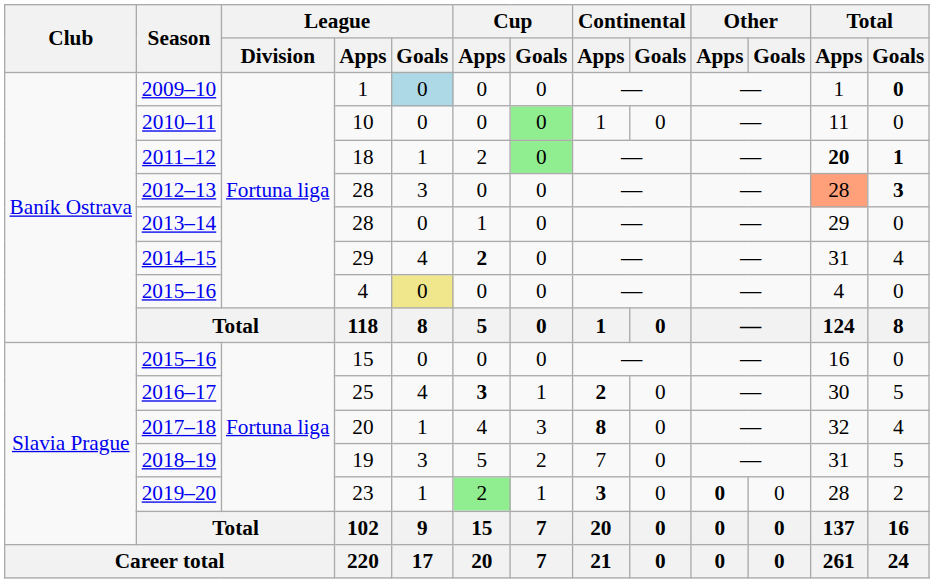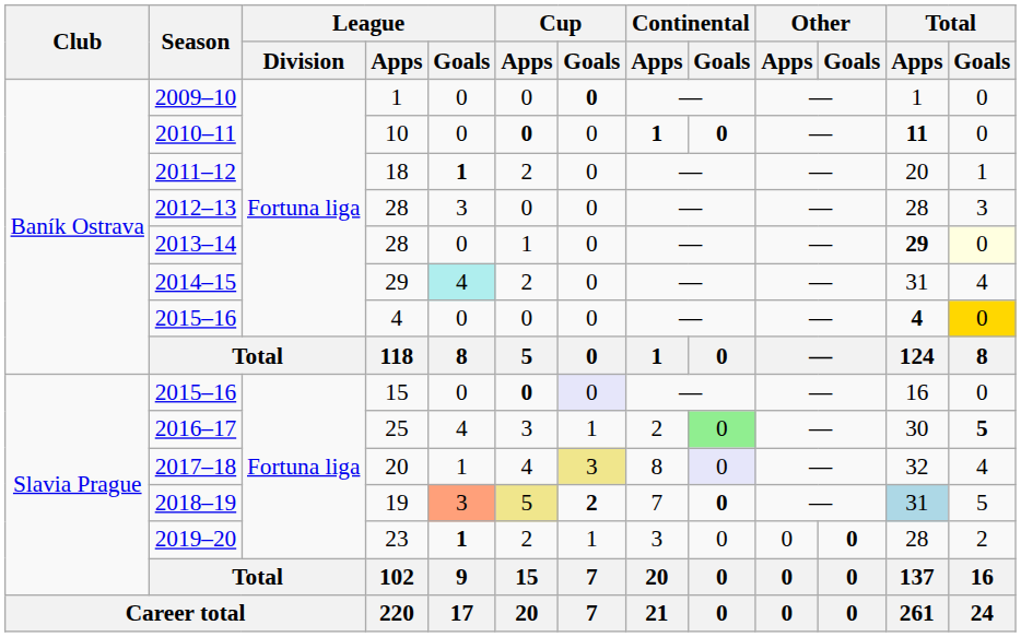 <table class="wikitable" style="text-align:center">
 <tr>
 <th rowspan=2>Club</th>
 <th rowspan=2>Season</th>
 <th colspan=3>League</th>
 <th colspan=2>Cup</th>
 <th colspan=2>Continental</th>
 <th colspan=2>Other</th>
 <th colspan=2>Total</th>
 </tr>
 <tr>
 <th>Division</th>
 <th>Apps</th>
 <th>Goals</th>
 <th>Apps</th>
 <th>Goals</th>
 <th>Apps</th>
 <th>Goals</th>
 <th>Apps</th>
 <th>Goals</th>
 <th>Apps</th>
 <th>Goals</th>
 </tr>
 <tr>
 <td rowspan="8"><a href='#'>Baník Ostrava</a></td>
 <td><a href='#'>2009–10</a></td>
 <td rowspan="7"><a href='#'>Fortuna liga</a></td>
 <td>1</td>
-<td style="background: lightblue;">0</td>
 <td>0</td>
 <td>0</td>
+<td><strong>0</strong></td>
 <td colspan="2">—</td>
 <td colspan="2">—</td>
 <td>1</td>
-<td><strong>0</strong></td>
+<td>0</td>
 </tr>
 <tr>
 <td><a href='#'>2010–11</a></td>
 <td>10</td>
 <td>0</td>
+<td><strong>0</strong></td>
 <td>0</td>
-<td style="background: lightgreen;">0</td>
-<td>1</td>
-<td>0</td>
+<td><strong>1</strong></td>
+<td><strong>0</strong></td>
 <td colspan="2">—</td>
-<td>11</td>
+<td><strong>11</strong></td>
 <td>0</td>
 </tr>
 <tr>
 <td><a href='#'>2011–12</a></td>
 <td>18</td>
-<td>1</td>
+<td><strong>1</strong></td>
 <td>2</td>
-<td style="background: lightgreen;">0</td>
+<td>0</td>
 <td colspan="2">—</td>
 <td colspan="2">—</td>
-<td><strong>20</strong></td>
-<td><strong>1</strong></td>
+<td>20</td>
+<td>1</td>
 </tr>
 <tr>
 <td><a href='#'>2012–13</a></td>
 <td>28</td>
 <td>3</td>
 <td>0</td>
 <td>0</td>
 <td colspan="2">—</td>
 <td colspan="2">—</td>
-<td style="background: lightsalmon;">28</td>
-<td><strong>3</strong></td>
+<td>28</td>
+<td>3</td>
 </tr>
 <tr>
 <td><a href='#'>2013–14</a></td>
 <td>28</td>
 <td>0</td>
 <td>1</td>
 <td>0</td>
 <td colspan="2">—</td>
 <td colspan="2">—</td>
-<td>29</td>
-<td>0</td>
+<td><strong>29</strong></td>
+<td style="background: lightyellow;">0</td>
 </tr>
 <tr>
 <td><a href='#'>2014–15</a></td>
 <td>29</td>
-<td>4</td>
-<td><strong>2</strong></td>
+<td style="background: paleturquoise;">4</td>
+<td>2</td>
 <td>0</td>
 <td colspan="2">—</td>
 <td colspan="2">—</td>
 <td>31</td>
 <td>4</td>
 </tr>
 <tr>
 <td><a href='#'>2015–16</a></td>
 <td>4</td>
-<td style="background: khaki;">0</td>
+<td>0</td>
 <td>0</td>
 <td>0</td>
 <td colspan="2">—</td>
 <td colspan="2">—</td>
-<td>4</td>
-<td>0</td>
+<td><strong>4</strong></td>
+<td style="background: gold;">0</td>
 </tr>
 <tr>
 <th colspan="2">Total</th>
 <th>118</th>
 <th>8</th>
 <th>5</th>
 <th>0</th>
 <th>1</th>
 <th>0</th>
 <th colspan="2">—</th>
 <th>124</th>
 <th>8</th>
 </tr>
 <tr>
 <td rowspan="6"><a href='#'>Slavia Prague</a></td>
 <td><a href='#'>2015–16</a></td>
 <td rowspan="5"><a href='#'>Fortuna liga</a></td>
 <td>15</td>
 <td>0</td>
-<td>0</td>
-<td>0</td>
+<td><strong>0</strong></td>
+<td style="background: lavender;">0</td>
 <td colspan="2">—</td>
 <td colspan="2">—</td>
 <td>16</td>
 <td>0</td>
 </tr>
 <tr>
 <td><a href='#'>2016–17</a></td>
 <td>25</td>
 <td>4</td>
-<td><strong>3</strong></td>
+<td>3</td>
 <td>1</td>
-<td><strong>2</strong></td>
-<td>0</td>
+<td>2</td>
+<td style="background: lightgreen;">0</td>
 <td colspan="2">—</td>
 <td>30</td>
-<td>5</td>
+<td><strong>5</strong></td>
 </tr>
 <tr>
 <td><a href='#'>2017–18</a></td>
 <td>20</td>
 <td>1</td>
 <td>4</td>
-<td>3</td>
-<td><strong>8</strong></td>
-<td>0</td>
+<td style="background: khaki;">3</td>
+<td>8</td>
+<td style="background: lavender;">0</td>
 <td colspan="2">—</td>
 <td>32</td>
 <td>4</td>
 </tr>
 <tr>
 <td><a href='#'>2018–19</a></td>
 <td>19</td>
-<td>3</td>
-<td>5</td>
-<td>2</td>
+<td style="background: lightsalmon;">3</td>
+<td style="background: khaki;">5</td>
+<td><strong>2</strong></td>
 <td>7</td>
-<td>0</td>
+<td><strong>0</strong></td>
 <td colspan="2">—</td>
-<td>31</td>
+<td style="background: lightblue;">31</td>
 <td>5</td>
 </tr>
 <tr>
 <td><a href='#'>2019–20</a></td>
 <td>23</td>
+<td><strong>1</strong></td>
+<td>2</td>
 <td>1</td>
-<td style="background: lightgreen;">2</td>
-<td>1</td>
-<td><strong>3</strong></td>
+<td>3</td>
+<td>0</td>
 <td>0</td>
 <td><strong>0</strong></td>
-<td>0</td>
 <td>28</td>
 <td>2</td>
 </tr>
 <tr>
 <th colspan="2">Total</th>
 <th>102</th>
 <th>9</th>
 <th>15</th>
 <th>7</th>
 <th>20</th>
 <th>0</th>
 <th>0</th>
 <th>0</th>
 <th>137</th>
 <th>16</th>
 </tr>
 <tr>
 <th colspan="3">Career total</th>
 <th>220</th>
 <th>17</th>
 <th>20</th>
 <th>7</th>
 <th>21</th>
 <th>0</th>
 <th>0</th>
 <th>0</th>
 <th>261</th>
 <th>24</th>
 </tr>
 </table>
